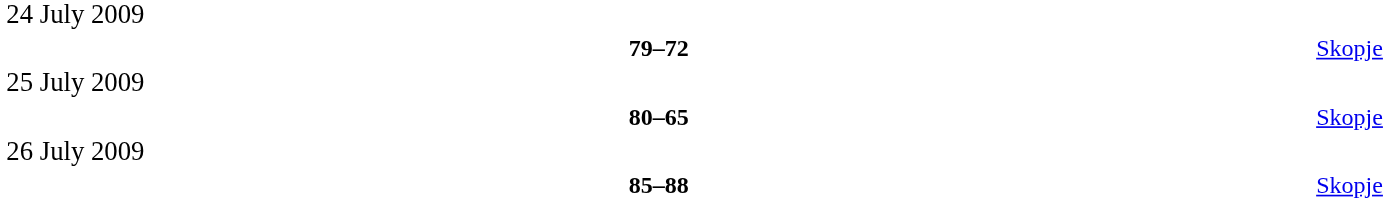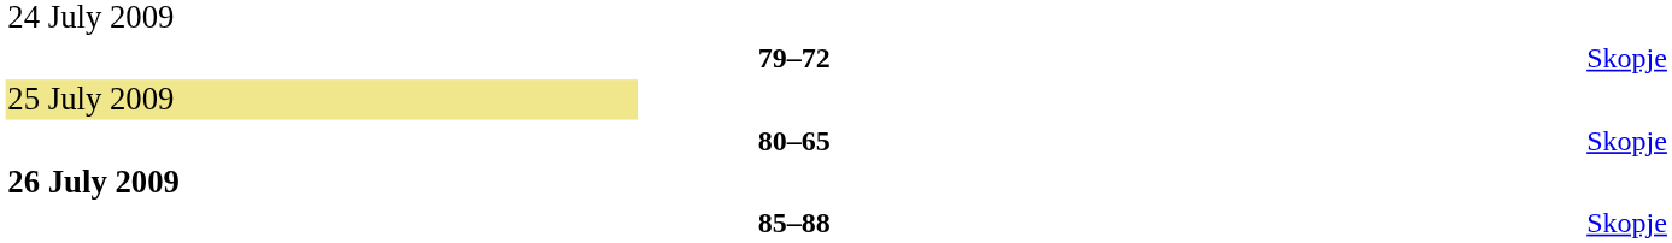 <table style="width:100%;" cellspacing="1">
 <tr>
 <th width=25%></th>
 <th width=3%></th>
 <th width=6%></th>
 <th width=3%></th>
 <th width=25%></th>
 </tr>
 <tr>
 <td>24 July 2009</td>
 </tr>
 <tr style=font-size:90%>
 <td align=right><strong></strong></td>
 <td></td>
 <td align=center><strong>79–72</strong></td>
 <td></td>
 <td><strong></strong></td>
 <td><a href='#'>Skopje</a></td>
 </tr>
 <tr>
-<td>25 July 2009</td>
+<td style="background: khaki;">25 July 2009</td>
 </tr>
 <tr style=font-size:90%>
 <td align=right><strong></strong></td>
 <td></td>
 <td align=center><strong>80–65</strong></td>
 <td></td>
 <td><strong></strong></td>
 <td><a href='#'>Skopje</a></td>
 </tr>
 <tr>
-<td>26 July 2009</td>
+<td><strong>26 July 2009</strong></td>
 </tr>
 <tr style=font-size:90%>
 <td align=right><strong></strong></td>
 <td></td>
 <td align=center><strong>85–88</strong></td>
 <td></td>
 <td><strong></strong></td>
 <td><a href='#'>Skopje</a></td>
 </tr>
 </table>
